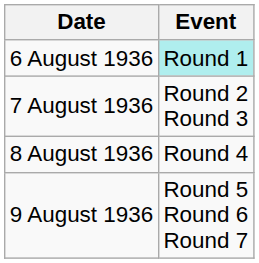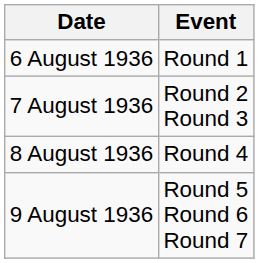 <table class = "wikitable" style="text-align:center;">
 <tr>
 <th>Date</th>
 <th>Event</th>
 </tr>
 <tr>
 <td>6 August 1936</td>
-<td style="background: paleturquoise;">Round 1</td>
+<td>Round 1</td>
 </tr>
 <tr>
 <td>7 August 1936</td>
 <td>Round 2<br>Round 3</td>
 </tr>
 <tr>
 <td>8 August 1936</td>
 <td>Round 4</td>
 </tr>
 <tr>
 <td>9 August 1936</td>
 <td>Round 5<br>Round 6<br>Round 7</td>
 </tr>
 </table>
